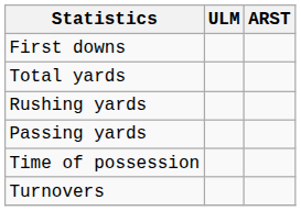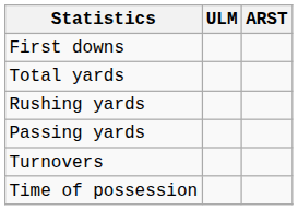 <table class="wikitable">
 <tr>
 <th>Statistics</th>
 <th>ULM</th>
 <th>ARST</th>
 </tr>
 <tr>
 <td>First downs</td>
 <td></td>
 <td></td>
 </tr>
 <tr>
 <td>Total yards</td>
 <td></td>
 <td></td>
 </tr>
 <tr>
 <td>Rushing yards</td>
 <td></td>
 <td></td>
 </tr>
 <tr>
 <td>Passing yards</td>
 <td></td>
 <td></td>
 </tr>
 <tr>
-<td>Time of possession</td>
+<td>Turnovers</td>
 <td></td>
 <td></td>
 </tr>
 <tr>
-<td>Turnovers</td>
+<td>Time of possession</td>
 <td></td>
 <td></td>
 </tr>
 <tr>
 </tr>
 </table>
